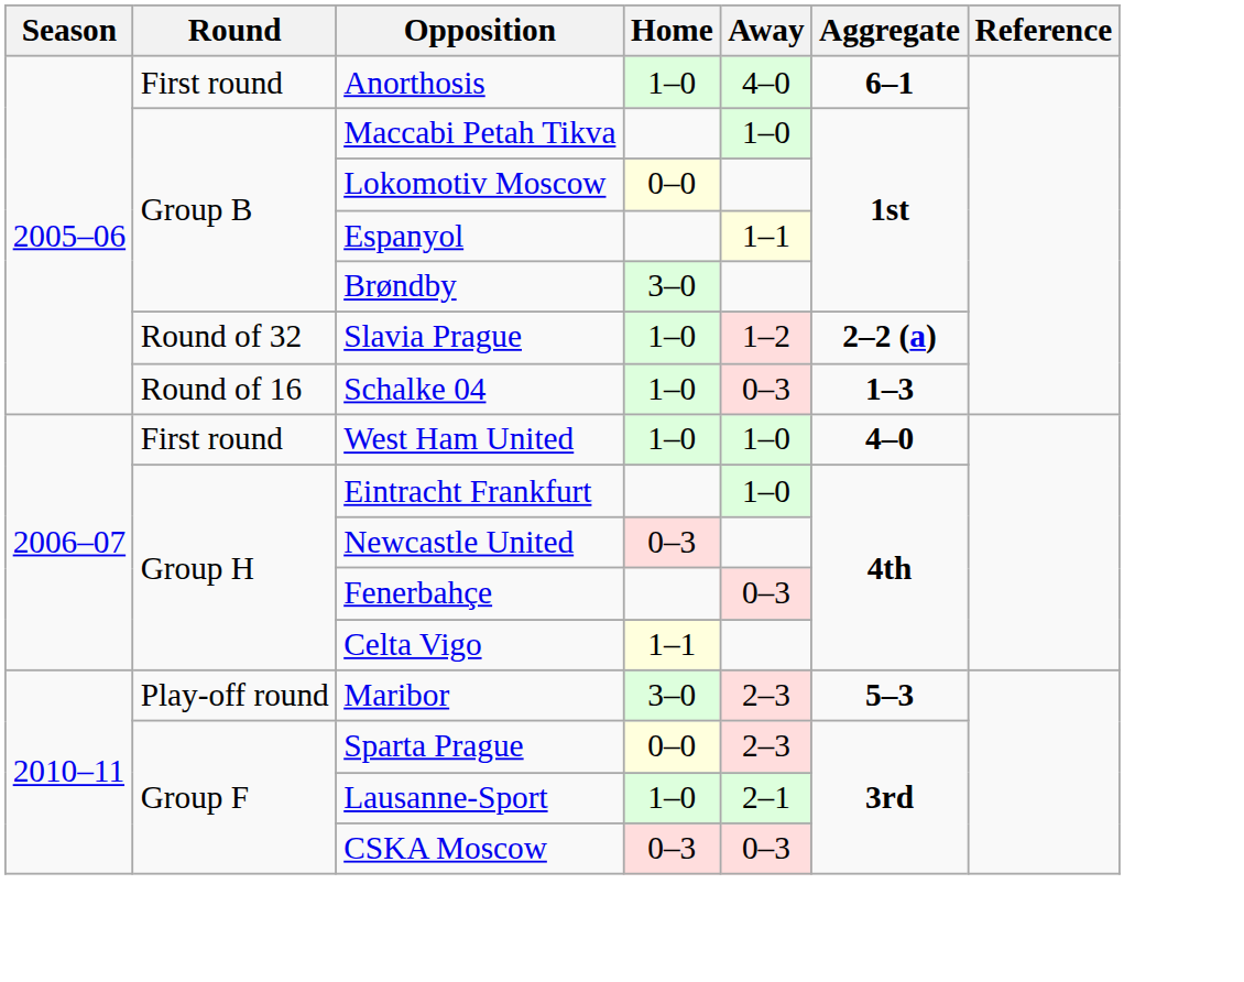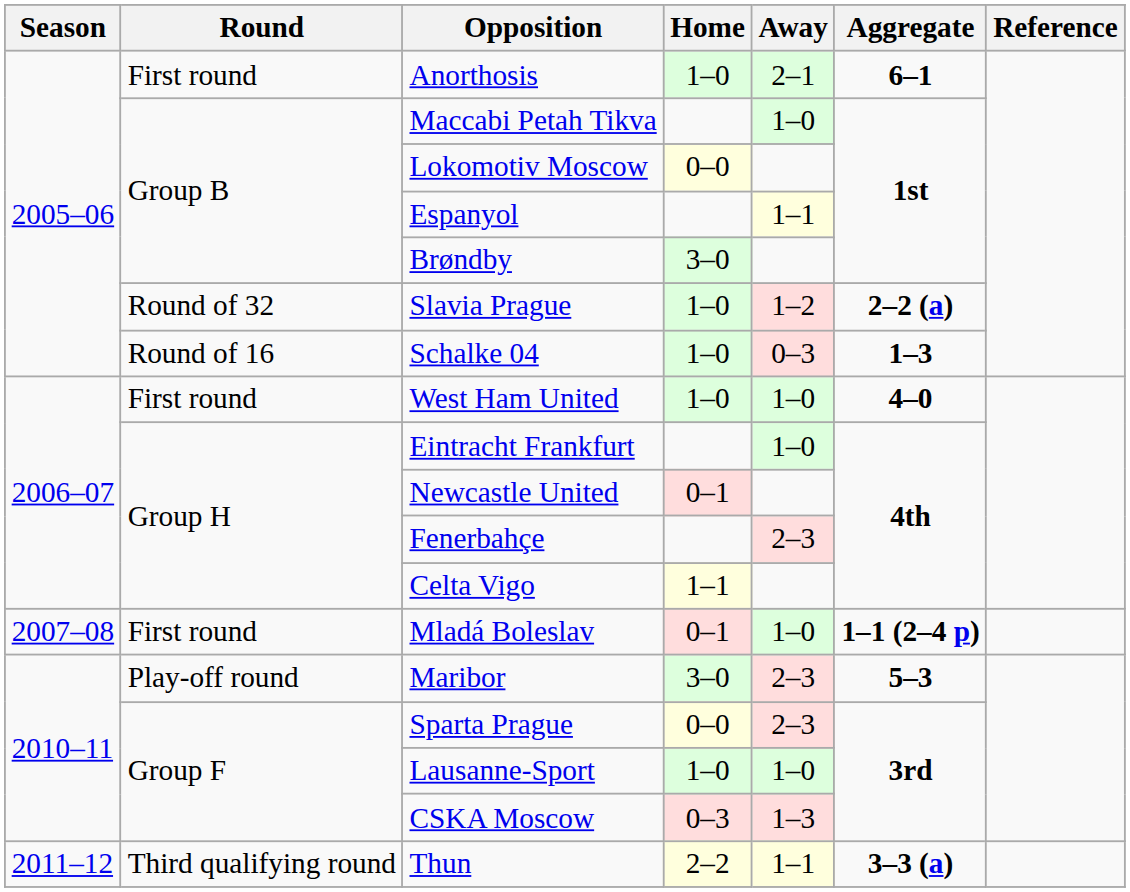 <table class="wikitable">
 <tr>
 <th>Season</th>
 <th>Round</th>
 <th>Opposition</th>
 <th>Home</th>
 <th>Away</th>
 <th>Aggregate</th>
 <th>Reference</th>
 </tr>
 <tr>
 <td rowspan=7><a href='#'>2005–06</a></td>
 <td>First round</td>
 <td> <a href='#'>Anorthosis</a></td>
 <td style="text-align:center; background:#dfd;">1–0</td>
-<td style="text-align:center; background:#dfd;">4–0</td>
+<td style="text-align:center; background:#dfd;">2–1</td>
 <td style="text-align:center;"><strong>6–1</strong></td>
 <td rowspan=7 style="text-align:center;"></td>
 </tr>
 <tr>
 <td rowspan=4>Group B</td>
 <td> <a href='#'>Maccabi Petah Tikva</a></td>
 <td></td>
 <td style="text-align:center; background:#dfd;">1–0</td>
 <td style="text-align:center;" rowspan=4><strong>1st</strong></td>
 </tr>
 <tr>
 <td> <a href='#'>Lokomotiv Moscow</a></td>
 <td style="text-align:center; background:#ffd;">0–0</td>
 <td></td>
 </tr>
 <tr>
 <td> <a href='#'>Espanyol</a></td>
 <td></td>
 <td style="text-align:center; background:#ffd;">1–1</td>
 </tr>
 <tr>
 <td> <a href='#'>Brøndby</a></td>
 <td style="text-align:center; background:#dfd;">3–0</td>
 <td></td>
 </tr>
 <tr>
 <td>Round of 32</td>
 <td> <a href='#'>Slavia Prague</a></td>
 <td style="text-align:center; background:#dfd;">1–0</td>
 <td style="text-align:center; background:#fdd;">1–2</td>
 <td style="text-align:center;"><strong>2–2 (<a href='#'>a</a>)</strong></td>
 </tr>
 <tr>
 <td>Round of 16</td>
 <td> <a href='#'>Schalke 04</a></td>
 <td style="text-align:center; background:#dfd;">1–0</td>
 <td style="text-align:center; background:#fdd;">0–3</td>
 <td style="text-align:center;"><strong>1–3</strong></td>
 </tr>
 <tr>
 <td rowspan=5><a href='#'>2006–07</a></td>
 <td>First round</td>
 <td> <a href='#'>West Ham United</a></td>
 <td style="text-align:center; background:#dfd;">1–0</td>
 <td style="text-align:center; background:#dfd;">1–0</td>
 <td style="text-align:center;"><strong>4–0</strong></td>
 <td rowspan=5 style="text-align:center;"></td>
 </tr>
 <tr>
 <td rowspan=4>Group H</td>
 <td> <a href='#'>Eintracht Frankfurt</a></td>
 <td></td>
 <td style="text-align:center; background:#dfd;">1–0</td>
 <td style="text-align:center;" rowspan=4><strong>4th</strong></td>
 </tr>
 <tr>
 <td> <a href='#'>Newcastle United</a></td>
-<td style="text-align:center; background:#fdd;">0–3</td>
+<td style="text-align:center; background:#fdd;">0–1</td>
 <td></td>
 </tr>
 <tr>
 <td> <a href='#'>Fenerbahçe</a></td>
 <td></td>
-<td style="text-align:center; background:#fdd;">0–3</td>
+<td style="text-align:center; background:#fdd;">2–3</td>
 </tr>
 <tr>
 <td> <a href='#'>Celta Vigo</a></td>
 <td style="text-align:center; background:#ffd;">1–1</td>
 <td></td>
+</tr>
+<tr>
+<td><a href='#'>2007–08</a></td>
+<td>First round</td>
+<td> <a href='#'>Mladá Boleslav</a></td>
+<td style="text-align:center; background:#fdd;">0–1 </td>
+<td style="text-align:center; background:#dfd;">1–0</td>
+<td style="text-align:center;"><strong>1–1 (2–4 <a href='#'>p</a>)</strong></td>
+<td style="text-align:center;"></td>
 </tr>
 <tr>
 <td rowspan=4><a href='#'>2010–11</a></td>
 <td>Play-off round</td>
 <td> <a href='#'>Maribor</a></td>
 <td style="text-align:center; background:#dfd;">3–0</td>
 <td style="text-align:center; background:#fdd;">2–3</td>
 <td style="text-align:center;"><strong>5–3</strong></td>
 <td rowspan=4 style="text-align:center;"></td>
 </tr>
 <tr>
 <td rowspan=3>Group F</td>
 <td> <a href='#'>Sparta Prague</a></td>
 <td style="text-align:center; background:#ffd;">0–0</td>
 <td style="text-align:center; background:#fdd;">2–3</td>
 <td style="text-align:center;" rowspan=3><strong>3rd</strong></td>
 </tr>
 <tr>
 <td> <a href='#'>Lausanne-Sport</a></td>
 <td style="text-align:center; background:#dfd;">1–0</td>
-<td style="text-align:center; background:#dfd;">2–1</td>
+<td style="text-align:center; background:#dfd;">1–0</td>
 </tr>
 <tr>
 <td> <a href='#'>CSKA Moscow</a></td>
 <td style="text-align:center; background:#fdd;">0–3</td>
-<td style="text-align:center; background:#fdd;">0–3</td>
+<td style="text-align:center; background:#fdd;">1–3</td>
+</tr>
+<tr>
+<td><a href='#'>2011–12</a></td>
+<td>Third qualifying round</td>
+<td> <a href='#'>Thun</a></td>
+<td style="text-align:center; background:#ffd;">2–2</td>
+<td style="text-align:center; background:#ffd;">1–1</td>
+<td style="text-align:center;"><strong>3–3 (<a href='#'>a</a>)</strong></td>
+<td style="text-align:center;"></td>
 </tr>
 </table>
